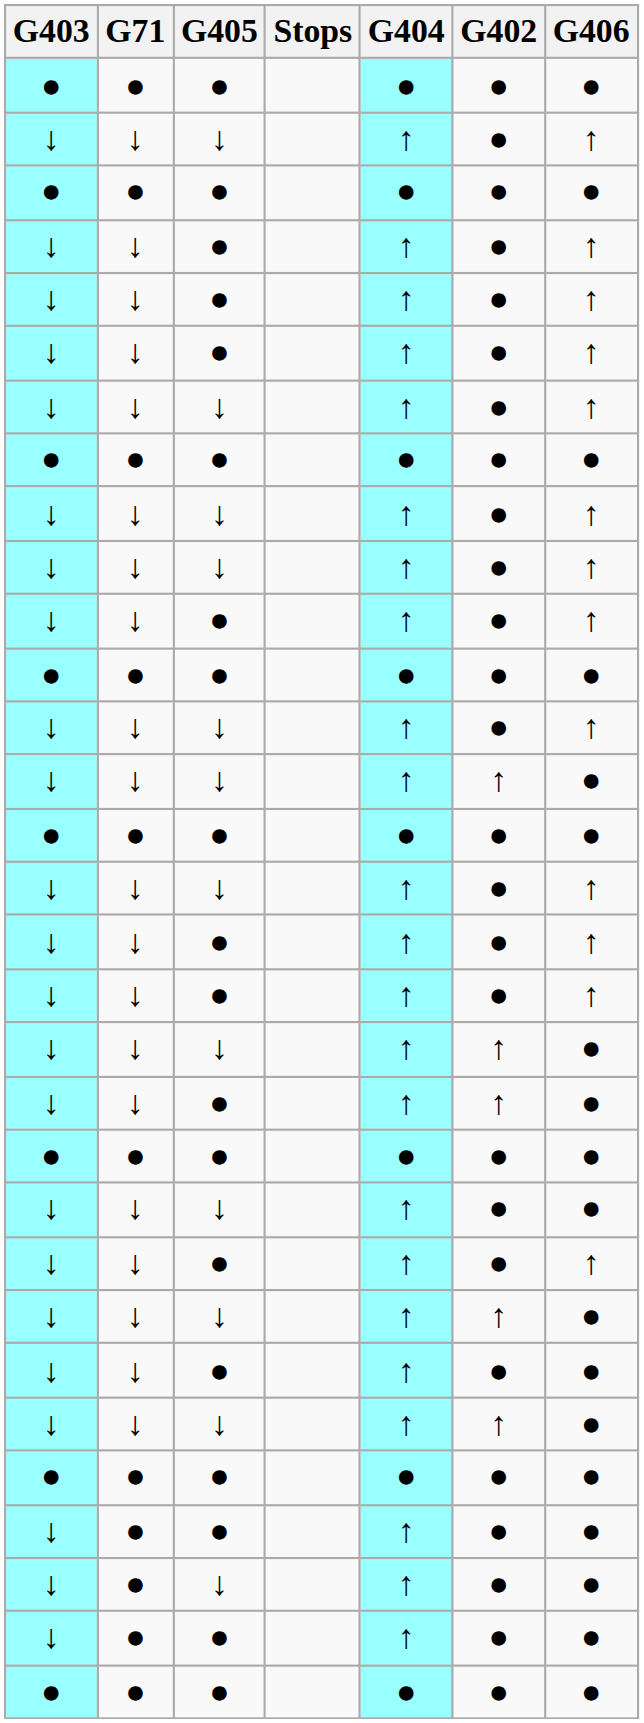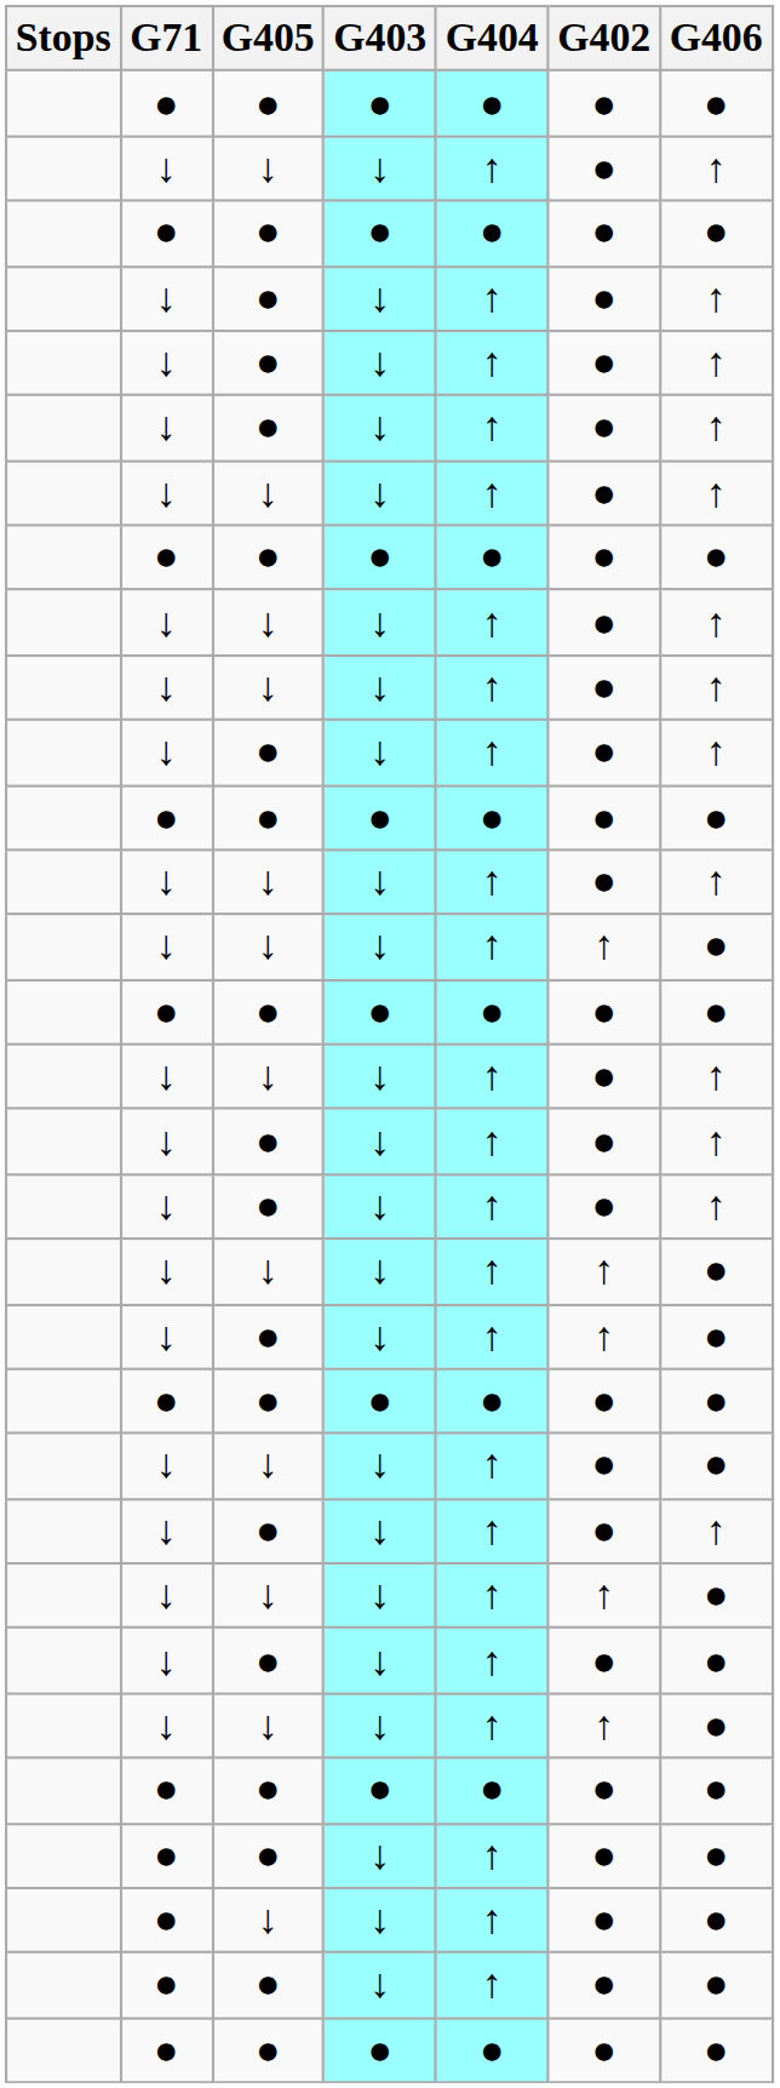 <table class="wikitable" style="text-align: center">
 <tr>
-<th>G403</th>
+<th>Stops</th>
 <th>G71</th>
 <th>G405</th>
-<th>Stops</th>
+<th>G403</th>
 <th>G404</th>
 <th>G402</th>
 <th>G406</th>
 </tr>
 <tr>
-<td style="background:#99FFFF">●</td>
+<td><strong></strong></td>
 <td>●</td>
 <td>●</td>
-<td><strong></strong></td>
+<td style="background:#99FFFF">●</td>
 <td style="background:#99FFFF">●</td>
 <td>●</td>
 <td>●</td>
 </tr>
 <tr>
-<td style="background:#99FFFF">↓</td>
+<td></td>
 <td>↓</td>
 <td>↓</td>
-<td></td>
+<td style="background:#99FFFF">↓</td>
 <td style="background:#99FFFF">↑</td>
 <td>●</td>
 <td>↑</td>
 </tr>
 <tr>
-<td style="background:#99FFFF">●</td>
+<td><strong></strong></td>
 <td>●</td>
 <td>●</td>
-<td><strong></strong></td>
+<td style="background:#99FFFF">●</td>
 <td style="background:#99FFFF">●</td>
 <td>●</td>
 <td>●</td>
 </tr>
 <tr>
-<td style="background:#99FFFF">↓</td>
+<td></td>
 <td>↓</td>
 <td>●</td>
-<td></td>
+<td style="background:#99FFFF">↓</td>
 <td style="background:#99FFFF">↑</td>
 <td>●</td>
 <td>↑</td>
 </tr>
 <tr>
-<td style="background:#99FFFF">↓</td>
+<td></td>
 <td>↓</td>
 <td>●</td>
-<td></td>
+<td style="background:#99FFFF">↓</td>
 <td style="background:#99FFFF">↑</td>
 <td>●</td>
 <td>↑</td>
 </tr>
 <tr>
-<td style="background:#99FFFF">↓</td>
+<td></td>
 <td>↓</td>
 <td>●</td>
-<td></td>
+<td style="background:#99FFFF">↓</td>
 <td style="background:#99FFFF">↑</td>
 <td>●</td>
 <td>↑</td>
 </tr>
 <tr>
-<td style="background:#99FFFF">↓</td>
+<td></td>
 <td>↓</td>
 <td>↓</td>
-<td></td>
+<td style="background:#99FFFF">↓</td>
 <td style="background:#99FFFF">↑</td>
 <td>●</td>
 <td>↑</td>
 </tr>
 <tr>
-<td style="background:#99FFFF">●</td>
+<td><strong></strong></td>
 <td>●</td>
 <td>●</td>
-<td><strong></strong></td>
+<td style="background:#99FFFF">●</td>
 <td style="background:#99FFFF">●</td>
 <td>●</td>
 <td>●</td>
 </tr>
 <tr>
-<td style="background:#99FFFF">↓</td>
+<td></td>
 <td>↓</td>
 <td>↓</td>
-<td></td>
+<td style="background:#99FFFF">↓</td>
 <td style="background:#99FFFF">↑</td>
 <td>●</td>
 <td>↑</td>
 </tr>
 <tr>
-<td style="background:#99FFFF">↓</td>
+<td></td>
 <td>↓</td>
 <td>↓</td>
-<td></td>
+<td style="background:#99FFFF">↓</td>
 <td style="background:#99FFFF">↑</td>
 <td>●</td>
 <td>↑</td>
 </tr>
 <tr>
-<td style="background:#99FFFF">↓</td>
+<td></td>
 <td>↓</td>
 <td>●</td>
-<td></td>
+<td style="background:#99FFFF">↓</td>
 <td style="background:#99FFFF">↑</td>
 <td>●</td>
 <td>↑</td>
 </tr>
 <tr>
-<td style="background:#99FFFF">●</td>
+<td><strong></strong></td>
 <td>●</td>
 <td>●</td>
-<td><strong></strong></td>
+<td style="background:#99FFFF">●</td>
 <td style="background:#99FFFF">●</td>
 <td>●</td>
 <td>●</td>
 </tr>
 <tr>
-<td style="background:#99FFFF">↓</td>
+<td></td>
 <td>↓</td>
 <td>↓</td>
-<td></td>
+<td style="background:#99FFFF">↓</td>
 <td style="background:#99FFFF">↑</td>
 <td>●</td>
 <td>↑</td>
 </tr>
 <tr>
-<td style="background:#99FFFF">↓</td>
+<td></td>
 <td>↓</td>
 <td>↓</td>
-<td></td>
+<td style="background:#99FFFF">↓</td>
 <td style="background:#99FFFF">↑</td>
 <td>↑</td>
 <td>●</td>
 </tr>
 <tr>
-<td style="background:#99FFFF">●</td>
+<td><strong></strong></td>
 <td>●</td>
 <td>●</td>
-<td><strong></strong></td>
+<td style="background:#99FFFF">●</td>
 <td style="background:#99FFFF">●</td>
 <td>●</td>
 <td>●</td>
 </tr>
 <tr>
-<td style="background:#99FFFF">↓</td>
+<td></td>
 <td>↓</td>
 <td>↓</td>
-<td></td>
+<td style="background:#99FFFF">↓</td>
 <td style="background:#99FFFF">↑</td>
 <td>●</td>
 <td>↑</td>
 </tr>
 <tr>
-<td style="background:#99FFFF">↓</td>
+<td></td>
 <td>↓</td>
 <td>●</td>
-<td></td>
+<td style="background:#99FFFF">↓</td>
 <td style="background:#99FFFF">↑</td>
 <td>●</td>
 <td>↑</td>
 </tr>
 <tr>
-<td style="background:#99FFFF">↓</td>
+<td></td>
 <td>↓</td>
 <td>●</td>
-<td></td>
+<td style="background:#99FFFF">↓</td>
 <td style="background:#99FFFF">↑</td>
 <td>●</td>
 <td>↑</td>
 </tr>
 <tr>
-<td style="background:#99FFFF">↓</td>
+<td></td>
 <td>↓</td>
 <td>↓</td>
-<td></td>
+<td style="background:#99FFFF">↓</td>
 <td style="background:#99FFFF">↑</td>
 <td>↑</td>
 <td>●</td>
 </tr>
 <tr>
-<td style="background:#99FFFF">↓</td>
+<td></td>
 <td>↓</td>
 <td>●</td>
-<td></td>
+<td style="background:#99FFFF">↓</td>
 <td style="background:#99FFFF">↑</td>
 <td>↑</td>
 <td>●</td>
 </tr>
 <tr>
-<td style="background:#99FFFF">●</td>
+<td></td>
 <td>●</td>
 <td>●</td>
-<td></td>
+<td style="background:#99FFFF">●</td>
 <td style="background:#99FFFF">●</td>
 <td>●</td>
 <td>●</td>
 </tr>
 <tr>
-<td style="background:#99FFFF">↓</td>
+<td></td>
 <td>↓</td>
 <td>↓</td>
-<td></td>
+<td style="background:#99FFFF">↓</td>
 <td style="background:#99FFFF">↑</td>
 <td>●</td>
 <td>●</td>
 </tr>
 <tr>
-<td style="background:#99FFFF">↓</td>
+<td></td>
 <td>↓</td>
 <td>●</td>
-<td></td>
+<td style="background:#99FFFF">↓</td>
 <td style="background:#99FFFF">↑</td>
 <td>●</td>
 <td>↑</td>
 </tr>
 <tr>
-<td style="background:#99FFFF">↓</td>
+<td></td>
 <td>↓</td>
 <td>↓</td>
-<td></td>
+<td style="background:#99FFFF">↓</td>
 <td style="background:#99FFFF">↑</td>
 <td>↑</td>
 <td>●</td>
 </tr>
 <tr>
-<td style="background:#99FFFF">↓</td>
+<td></td>
 <td>↓</td>
 <td>●</td>
-<td></td>
+<td style="background:#99FFFF">↓</td>
 <td style="background:#99FFFF">↑</td>
 <td>●</td>
 <td>●</td>
 </tr>
 <tr>
-<td style="background:#99FFFF">↓</td>
+<td></td>
 <td>↓</td>
 <td>↓</td>
-<td></td>
+<td style="background:#99FFFF">↓</td>
 <td style="background:#99FFFF">↑</td>
 <td>↑</td>
 <td>●</td>
 </tr>
 <tr>
-<td style="background:#99FFFF">●</td>
+<td><strong></strong></td>
 <td>●</td>
 <td>●</td>
-<td><strong></strong></td>
+<td style="background:#99FFFF">●</td>
 <td style="background:#99FFFF">●</td>
 <td>●</td>
 <td>●</td>
 </tr>
 <tr>
-<td style="background:#99FFFF">↓</td>
+<td></td>
 <td>●</td>
 <td>●</td>
-<td></td>
+<td style="background:#99FFFF">↓</td>
 <td style="background:#99FFFF">↑</td>
 <td>●</td>
 <td>●</td>
 </tr>
 <tr>
-<td style="background:#99FFFF">↓</td>
+<td></td>
 <td>●</td>
 <td>↓</td>
-<td></td>
+<td style="background:#99FFFF">↓</td>
 <td style="background:#99FFFF">↑</td>
 <td>●</td>
 <td>●</td>
 </tr>
 <tr>
-<td style="background:#99FFFF">↓</td>
+<td></td>
 <td>●</td>
 <td>●</td>
-<td></td>
+<td style="background:#99FFFF">↓</td>
 <td style="background:#99FFFF">↑</td>
 <td>●</td>
 <td>●</td>
 </tr>
 <tr>
-<td style="background:#99FFFF">●</td>
+<td><strong></strong></td>
 <td>●</td>
 <td>●</td>
-<td><strong></strong></td>
+<td style="background:#99FFFF">●</td>
 <td style="background:#99FFFF">●</td>
 <td>●</td>
 <td>●</td>
 </tr>
 </table>
